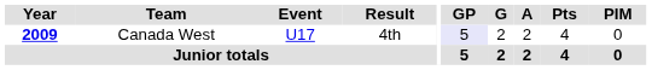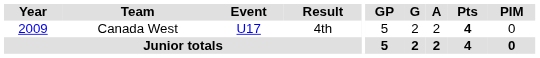 <table border="0" cellpadding="1" cellspacing="0" ID="Table3" style="text-align:center; width:40em">
 <tr ALIGN="center" bgcolor="#e0e0e0">
 <th>Year</th>
 <th>Team</th>
 <th>Event</th>
 <th>Result</th>
 <th rowspan="99" bgcolor="#ffffff"></th>
 <th>GP</th>
 <th>G</th>
 <th>A</th>
 <th>Pts</th>
 <th>PIM</th>
 </tr>
 <tr>
-<td><strong><a href='#'>2009</a></strong></td>
+<td><a href='#'>2009</a></td>
 <td>Canada West</td>
 <td><a href='#'>U17</a></td>
 <td>4th</td>
-<td style="background: lavender;">5</td>
+<td>5</td>
 <td>2</td>
 <td>2</td>
-<td>4</td>
+<td><strong>4</strong></td>
 <td>0</td>
 </tr>
 <tr bgcolor="#e0e0e0">
 <th colspan="4">Junior totals</th>
 <th>5</th>
 <th>2</th>
 <th>2</th>
 <th>4</th>
 <th>0</th>
 </tr>
 </table>
